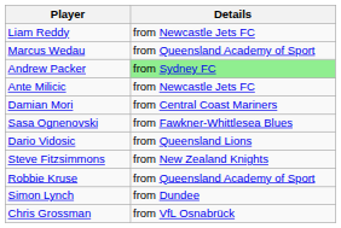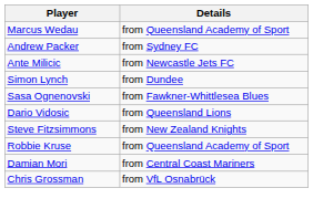 <table class="wikitable" style="font-size:90%; text-align:left; align:left;">
 <tr>
 <th width=150>Player</th>
 <th width=250>Details</th>
-</tr>
-<tr>
-<td> <a href='#'>Liam Reddy</a></td>
-<td>from  <a href='#'>Newcastle Jets FC</a></td>
 </tr>
 <tr>
 <td> <a href='#'>Marcus Wedau</a></td>
 <td>from  <a href='#'>Queensland Academy of Sport</a></td>
 </tr>
 <tr>
 <td> <a href='#'>Andrew Packer</a></td>
-<td style="background: lightgreen;">from  <a href='#'>Sydney FC</a></td>
+<td>from  <a href='#'>Sydney FC</a></td>
 </tr>
 <tr>
 <td> <a href='#'>Ante Milicic</a></td>
 <td>from  <a href='#'>Newcastle Jets FC</a></td>
 </tr>
 <tr>
-<td> <a href='#'>Damian Mori</a></td>
-<td>from  <a href='#'>Central Coast Mariners</a></td>
+<td> <a href='#'>Simon Lynch</a></td>
+<td>from  <a href='#'>Dundee</a></td>
 </tr>
 <tr>
 <td> <a href='#'>Sasa Ognenovski</a></td>
 <td>from  <a href='#'>Fawkner-Whittlesea Blues</a></td>
 </tr>
 <tr>
 <td> <a href='#'>Dario Vidosic</a></td>
 <td>from  <a href='#'>Queensland Lions</a></td>
 </tr>
 <tr>
 <td> <a href='#'>Steve Fitzsimmons</a></td>
 <td>from  <a href='#'>New Zealand Knights</a></td>
 </tr>
 <tr>
 <td> <a href='#'>Robbie Kruse</a></td>
 <td>from  <a href='#'>Queensland Academy of Sport</a></td>
 </tr>
 <tr>
-<td> <a href='#'>Simon Lynch</a></td>
-<td>from  <a href='#'>Dundee</a></td>
+<td> <a href='#'>Damian Mori</a></td>
+<td>from  <a href='#'>Central Coast Mariners</a></td>
 </tr>
 <tr>
 <td> <a href='#'>Chris Grossman</a></td>
 <td>from  <a href='#'>VfL Osnabrück</a></td>
 </tr>
 </table>
